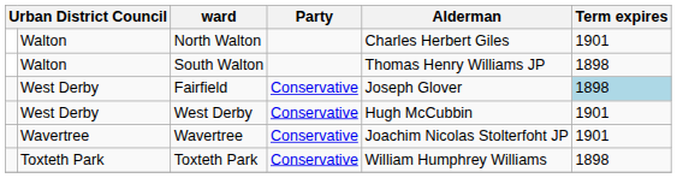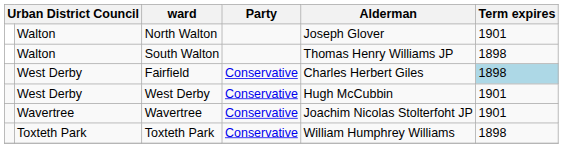 <table class="wikitable">
 <tr>
 <th colspan="2">Urban District Council</th>
 <th>ward</th>
 <th>Party</th>
 <th>Alderman</th>
 <th>Term expires</th>
 </tr>
 <tr>
 <td style="background-color:white "></td>
 <td>Walton</td>
 <td>North Walton</td>
 <td></td>
-<td>Charles Herbert Giles</td>
+<td>Joseph Glover</td>
 <td>1901</td>
 </tr>
 <tr>
 <td style="background-color:white "></td>
 <td>Walton</td>
 <td>South Walton</td>
 <td></td>
 <td>Thomas Henry Williams JP</td>
 <td>1898</td>
 </tr>
 <tr>
 <td style="background-color:"></td>
 <td>West Derby</td>
 <td>Fairfield</td>
 <td><a href='#'>Conservative</a></td>
-<td>Joseph Glover</td>
+<td>Charles Herbert Giles</td>
 <td style="background: lightblue;">1898</td>
 </tr>
 <tr>
 <td style="background-color:"></td>
 <td>West Derby</td>
 <td>West Derby</td>
 <td><a href='#'>Conservative</a></td>
 <td>Hugh McCubbin</td>
 <td>1901</td>
 </tr>
 <tr>
 <td style="background-color:"></td>
 <td>Wavertree</td>
 <td>Wavertree</td>
 <td><a href='#'>Conservative</a></td>
 <td>Joachim Nicolas Stolterfoht JP</td>
 <td>1901</td>
 </tr>
 <tr>
 <td style="background-color:"></td>
 <td>Toxteth Park</td>
 <td>Toxteth Park</td>
 <td><a href='#'>Conservative</a></td>
 <td>William Humphrey Williams</td>
 <td>1898</td>
 </tr>
 <tr>
 </tr>
 </table>
